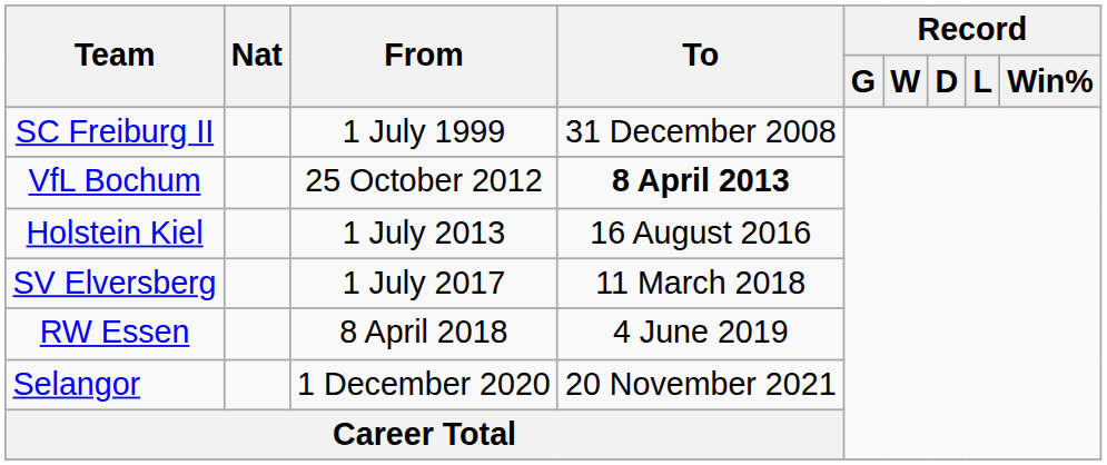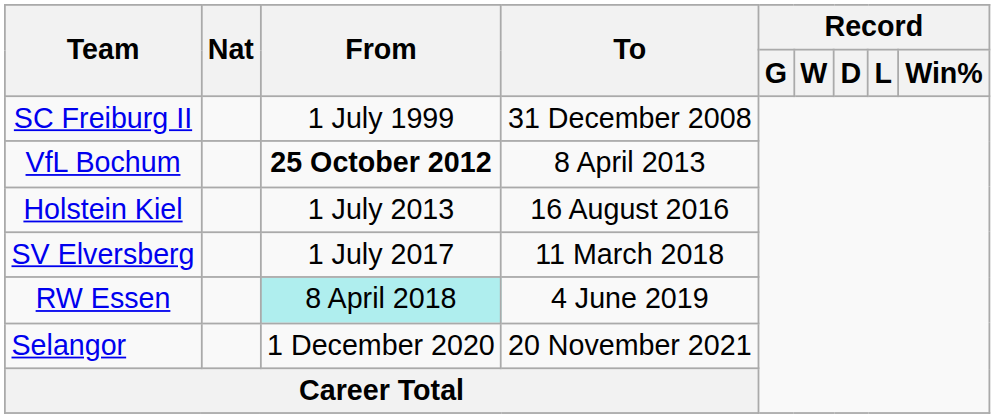 <table class="wikitable" style="text-align: center">
 <tr>
 <th rowspan=2>Team</th>
 <th rowspan=2>Nat</th>
 <th rowspan=2>From</th>
 <th rowspan=2>To</th>
 <th colspan=5>Record</th>
 </tr>
 <tr>
 <th>G</th>
 <th>W</th>
 <th>D</th>
 <th>L</th>
 <th>Win%</th>
 </tr>
 <tr>
 <td><a href='#'>SC Freiburg II</a></td>
 <td></td>
 <td>1 July 1999</td>
 <td>31 December 2008<br></td>
 </tr>
 <tr>
 <td><a href='#'>VfL Bochum</a></td>
 <td></td>
-<td>25 October 2012</td>
-<td><strong>8 April 2013<br></strong></td>
+<td><strong>25 October 2012</strong></td>
+<td>8 April 2013<br></td>
 </tr>
 <tr>
 <td><a href='#'>Holstein Kiel</a></td>
 <td></td>
 <td>1 July 2013</td>
 <td>16 August 2016<br></td>
 </tr>
 <tr>
 <td><a href='#'>SV Elversberg</a></td>
 <td></td>
 <td>1 July 2017</td>
 <td>11 March 2018<br></td>
 </tr>
 <tr>
 <td><a href='#'>RW Essen</a></td>
 <td></td>
-<td>8 April 2018</td>
+<td style="background: paleturquoise;">8 April 2018</td>
 <td>4 June 2019<br></td>
 </tr>
 <tr>
 <td align="left"><a href='#'>Selangor</a></td>
 <td></td>
 <td align="left">1 December 2020</td>
 <td align="left">20 November 2021 <br></td>
 </tr>
 <tr>
 <th colspan="4">Career Total<br></th>
 </tr>
 </table>
